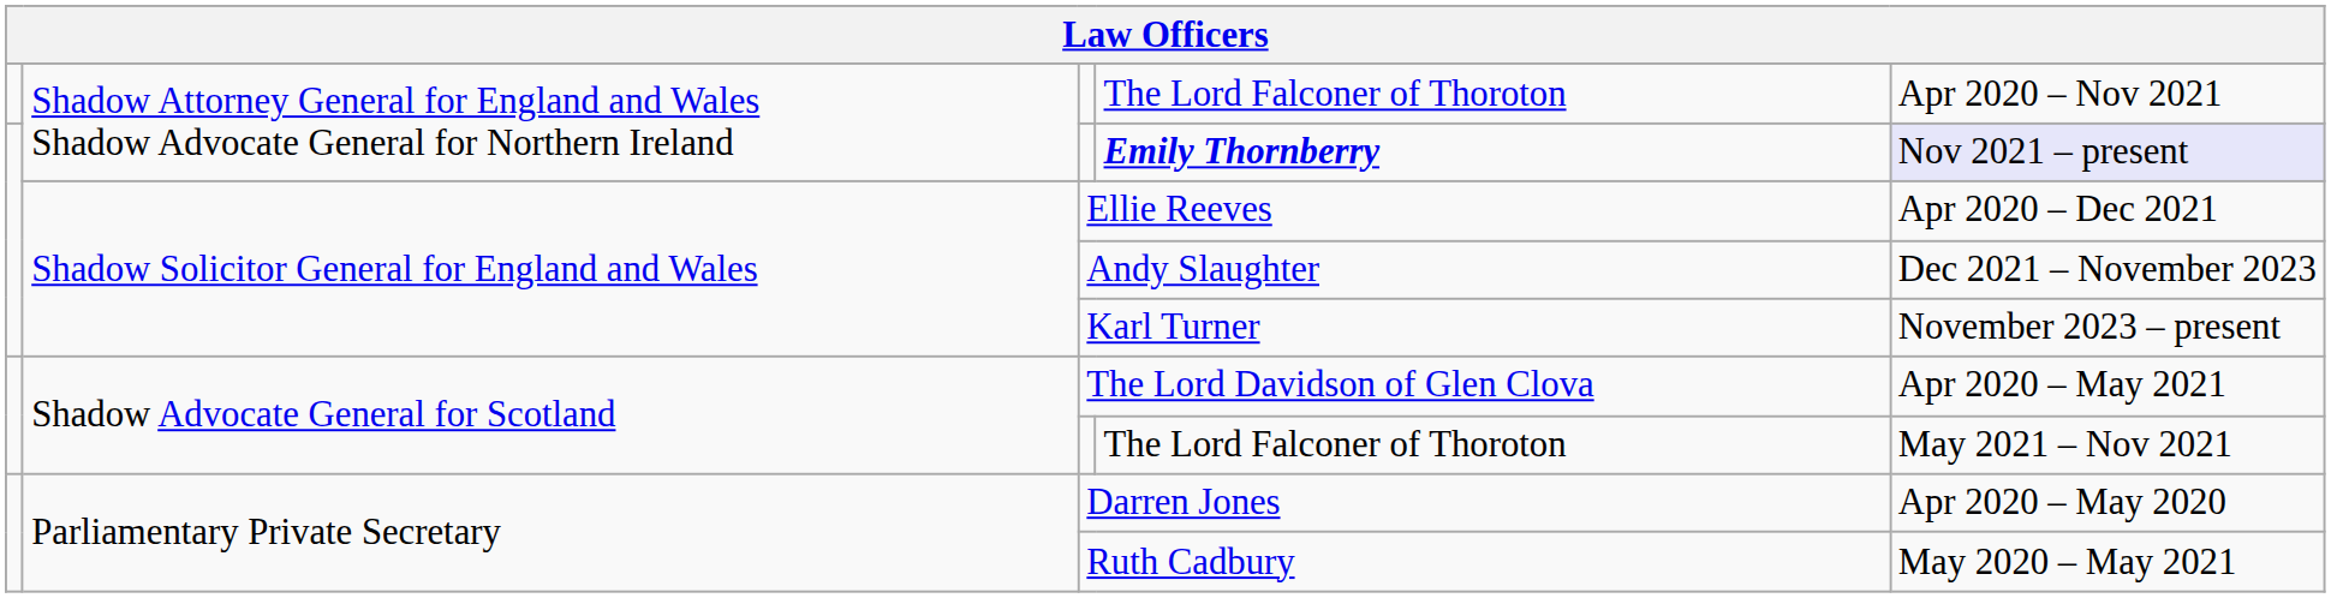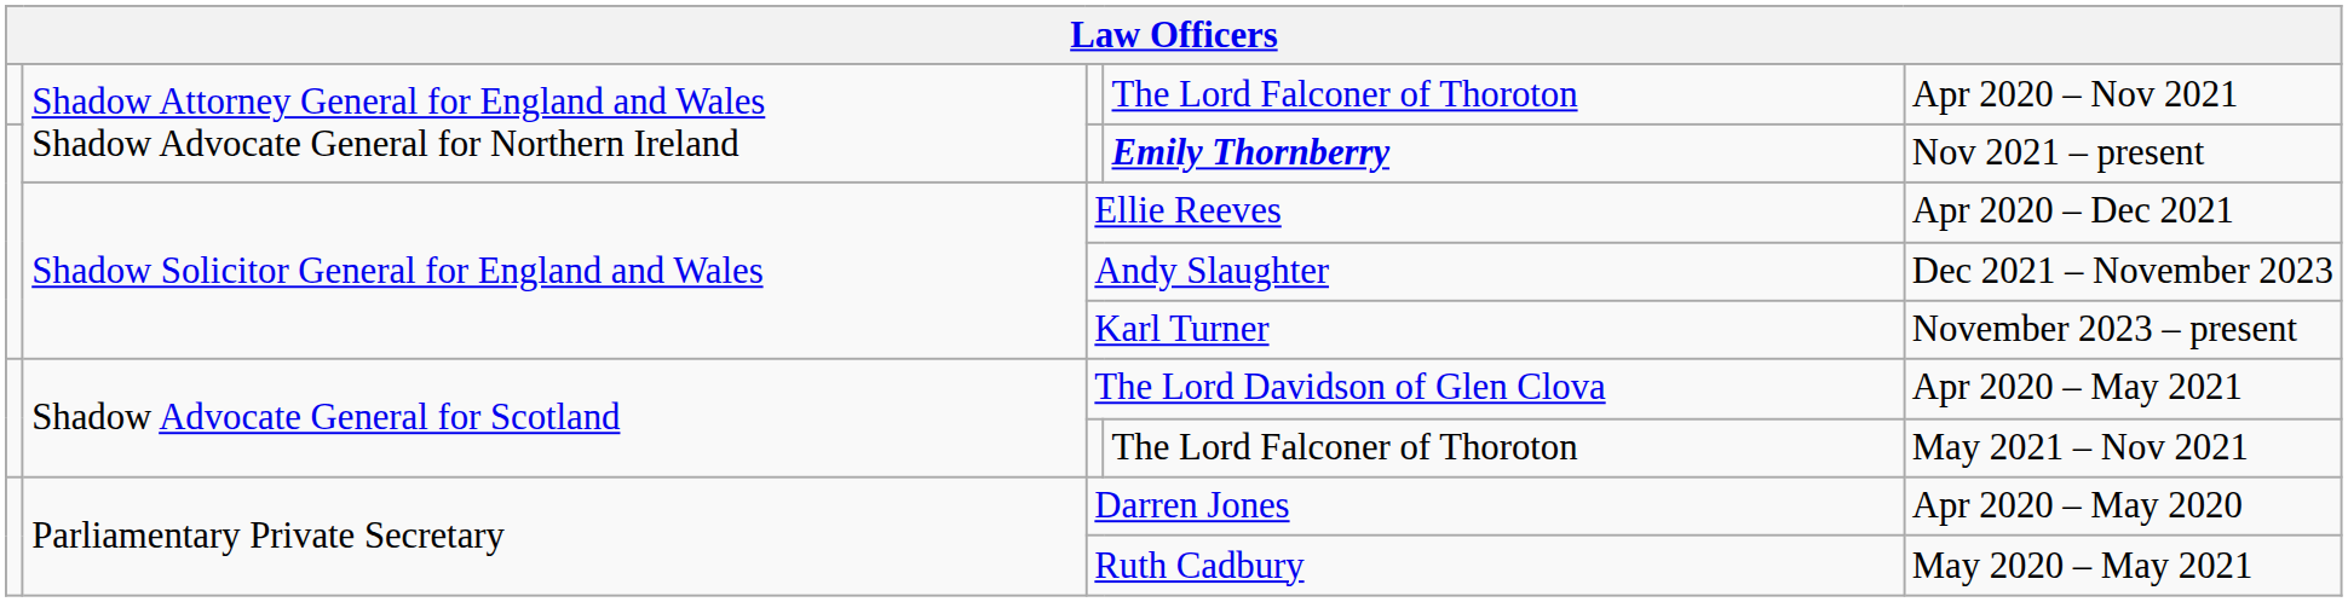 <table class="wikitable">
 <tr>
 <th colspan="5"><a href='#'>Law Officers</a></th>
 </tr>
 <tr>
 <td style="background: "></td>
 <td rowspan="2" style="width: 450px;"><a href='#'>Shadow Attorney General for England and Wales</a><br>Shadow Advocate General for Northern Ireland</td>
 <td style="background: "></td>
 <td style="width: 337px;"><a href='#'>The Lord Falconer of Thoroton</a></td>
 <td>Apr 2020 – Nov 2021</td>
 </tr>
 <tr>
 <td rowspan="4" style="background: "></td>
 <td style="background: "></td>
 <td><strong><em><a href='#'>Emily Thornberry</a></em></strong></td>
-<td style="background: lavender;">Nov 2021 – present</td>
+<td>Nov 2021 – present</td>
 </tr>
 <tr>
 <td rowspan="3"><a href='#'>Shadow Solicitor General for England and Wales</a></td>
 <td colspan="2"><a href='#'>Ellie Reeves</a></td>
 <td>Apr 2020 – Dec 2021</td>
 </tr>
 <tr>
 <td colspan="2"><a href='#'>Andy Slaughter</a></td>
 <td>Dec 2021 – November 2023</td>
 </tr>
 <tr>
 <td colspan="2"><a href='#'>Karl Turner</a></td>
 <td>November 2023 – present</td>
 </tr>
 <tr>
 <td rowspan="2" style="background: "></td>
 <td rowspan="2">Shadow <a href='#'>Advocate General for Scotland</a></td>
 <td colspan="2"><a href='#'>The Lord Davidson of Glen Clova</a></td>
 <td>Apr 2020 – May 2021</td>
 </tr>
 <tr>
 <td style="background: "></td>
 <td>The Lord Falconer of Thoroton</td>
 <td>May 2021 – Nov 2021</td>
 </tr>
 <tr>
 <td rowspan="2" style="background: "></td>
 <td rowspan="2">Parliamentary Private Secretary</td>
 <td colspan="2"><a href='#'>Darren Jones</a></td>
 <td>Apr 2020 – May 2020</td>
 </tr>
 <tr>
 <td colspan="2"><a href='#'>Ruth Cadbury</a></td>
 <td>May 2020 – May 2021</td>
 </tr>
 </table>
